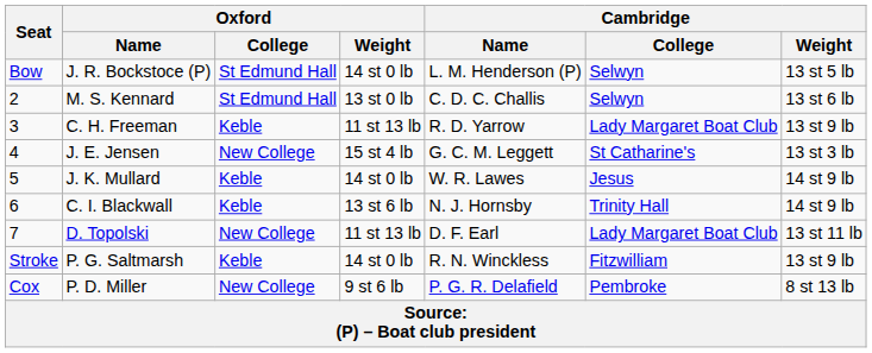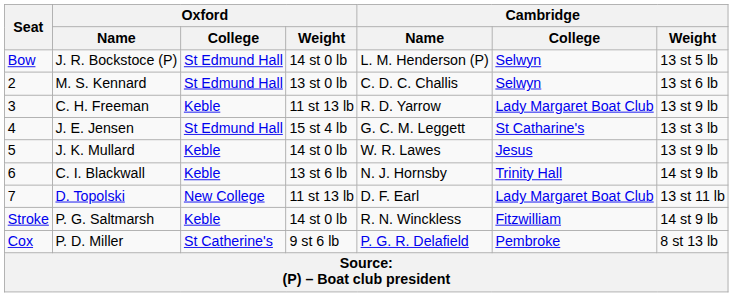 <table class="wikitable">
 <tr>
 <th rowspan="2" scope="col">Seat</th>
 <th colspan="3" scope="col">Oxford <br> </th>
 <th colspan="3" scope="col">Cambridge <br> </th>
 </tr>
 <tr>
 <th>Name</th>
 <th>College</th>
 <th>Weight</th>
 <th>Name</th>
 <th>College</th>
 <th>Weight</th>
 </tr>
 <tr>
 <td><a href='#'>Bow</a></td>
 <td>J. R. Bockstoce (P)</td>
 <td><a href='#'>St Edmund Hall</a></td>
 <td>14 st 0 lb</td>
 <td>L. M. Henderson (P)</td>
 <td><a href='#'>Selwyn</a></td>
 <td>13 st 5 lb</td>
 </tr>
 <tr>
 <td>2</td>
 <td>M. S. Kennard</td>
 <td><a href='#'>St Edmund Hall</a></td>
 <td>13 st 0 lb</td>
 <td>C. D. C. Challis</td>
 <td><a href='#'>Selwyn</a></td>
 <td>13 st 6 lb</td>
 </tr>
 <tr>
 <td>3</td>
 <td>C. H. Freeman</td>
 <td><a href='#'>Keble</a></td>
 <td>11 st 13 lb</td>
 <td>R. D. Yarrow</td>
 <td><a href='#'>Lady Margaret Boat Club</a></td>
 <td>13 st 9 lb</td>
 </tr>
 <tr>
 <td>4</td>
 <td>J. E. Jensen</td>
-<td><a href='#'>New College</a></td>
+<td><a href='#'>St Edmund Hall</a></td>
 <td>15 st 4 lb</td>
 <td>G. C. M. Leggett</td>
 <td><a href='#'>St Catharine's</a></td>
 <td>13 st 3 lb</td>
 </tr>
 <tr>
 <td>5</td>
 <td>J. K. Mullard</td>
 <td><a href='#'>Keble</a></td>
 <td>14 st 0 lb</td>
 <td>W. R. Lawes</td>
 <td><a href='#'>Jesus</a></td>
-<td>14 st 9 lb</td>
+<td>13 st 9 lb</td>
 </tr>
 <tr>
 <td>6</td>
 <td>C. I. Blackwall</td>
 <td><a href='#'>Keble</a></td>
 <td>13 st 6 lb</td>
 <td>N. J. Hornsby</td>
 <td><a href='#'>Trinity Hall</a></td>
 <td>14 st 9 lb</td>
 </tr>
 <tr>
 <td>7</td>
 <td><a href='#'>D. Topolski</a></td>
 <td><a href='#'>New College</a></td>
 <td>11 st 13 lb</td>
 <td>D. F. Earl</td>
 <td><a href='#'>Lady Margaret Boat Club</a></td>
 <td>13 st 11 lb</td>
 </tr>
 <tr>
 <td><a href='#'>Stroke</a></td>
 <td>P. G. Saltmarsh</td>
 <td><a href='#'>Keble</a></td>
 <td>14 st 0 lb</td>
 <td>R. N. Winckless</td>
 <td><a href='#'>Fitzwilliam</a></td>
-<td>13 st 9 lb</td>
+<td>14 st 9 lb</td>
 </tr>
 <tr>
 <td><a href='#'>Cox</a></td>
 <td>P. D. Miller</td>
-<td><a href='#'>New College</a></td>
+<td><a href='#'>St Catherine's</a></td>
 <td>9 st 6 lb</td>
 <td><a href='#'>P. G. R. Delafield</a></td>
 <td><a href='#'>Pembroke</a></td>
 <td>8 st 13 lb</td>
 </tr>
 <tr>
 <th colspan="7">Source:<br>(P) – Boat club president</th>
 </tr>
 </table>
